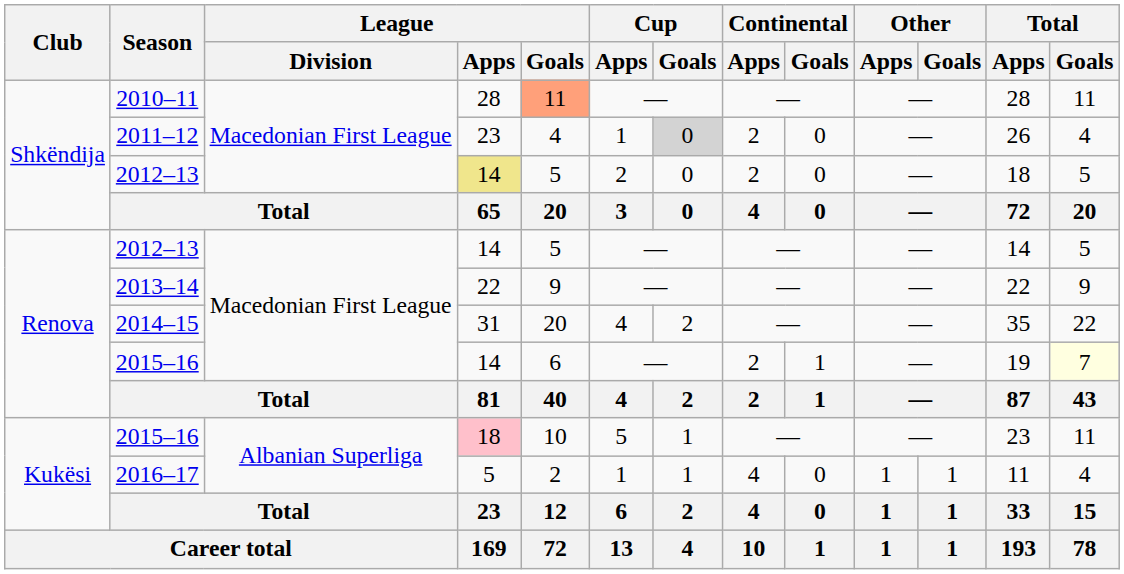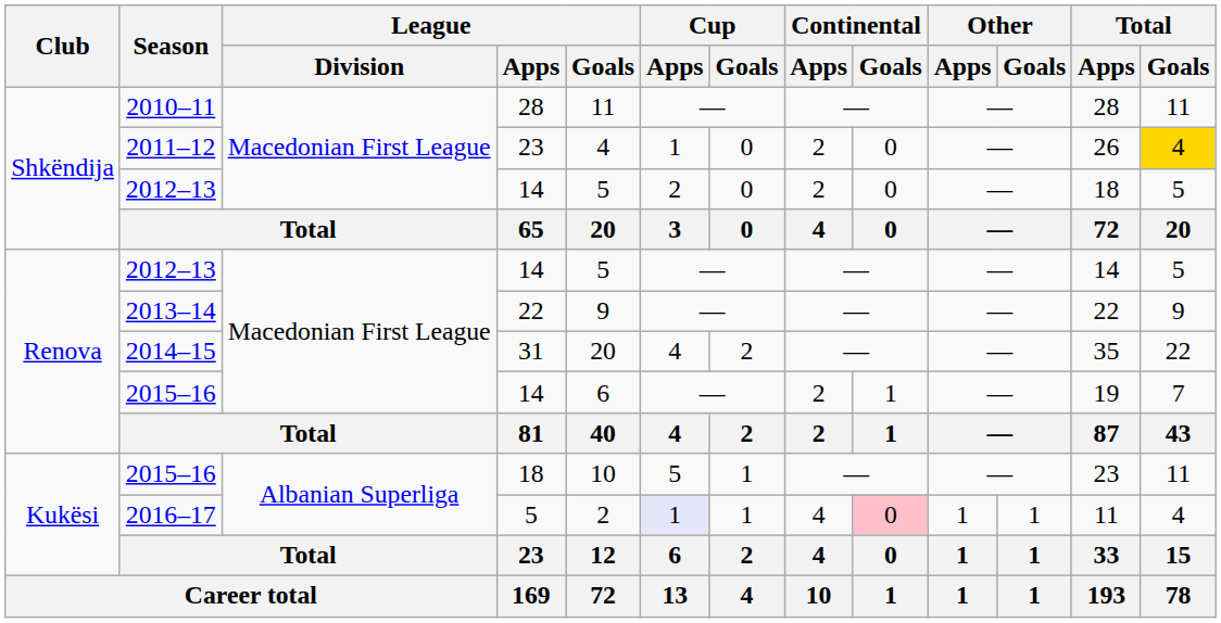 <table class="wikitable" style="text-align:center">
 <tr>
 <th rowspan="2">Club</th>
 <th rowspan="2">Season</th>
 <th colspan="3">League</th>
 <th colspan="2">Cup</th>
 <th colspan="2">Continental</th>
 <th colspan="2">Other</th>
 <th colspan="2">Total</th>
 </tr>
 <tr>
 <th>Division</th>
 <th>Apps</th>
 <th>Goals</th>
 <th>Apps</th>
 <th>Goals</th>
 <th>Apps</th>
 <th>Goals</th>
 <th>Apps</th>
 <th>Goals</th>
 <th>Apps</th>
 <th>Goals</th>
 </tr>
 <tr>
 <td rowspan="4"><a href='#'>Shkëndija</a></td>
 <td><a href='#'>2010–11</a></td>
 <td rowspan="3"><a href='#'>Macedonian First League</a></td>
 <td>28</td>
-<td style="background: lightsalmon;">11</td>
+<td>11</td>
 <td colspan="2">—</td>
 <td colspan="2">—</td>
 <td colspan="2">—</td>
 <td>28</td>
 <td>11</td>
 </tr>
 <tr>
 <td><a href='#'>2011–12</a></td>
 <td>23</td>
 <td>4</td>
 <td>1</td>
-<td style="background: lightgrey;">0</td>
+<td>0</td>
 <td>2</td>
 <td>0</td>
 <td colspan="2">—</td>
 <td>26</td>
-<td>4</td>
+<td style="background: gold;">4</td>
 </tr>
 <tr>
 <td><a href='#'>2012–13</a></td>
-<td style="background: khaki;">14</td>
+<td>14</td>
 <td>5</td>
 <td>2</td>
 <td>0</td>
 <td>2</td>
 <td>0</td>
 <td colspan="2">—</td>
 <td>18</td>
 <td>5</td>
 </tr>
 <tr>
 <th colspan="2">Total</th>
 <th>65</th>
 <th>20</th>
 <th>3</th>
 <th>0</th>
 <th>4</th>
 <th>0</th>
 <th colspan="2">—</th>
 <th>72</th>
 <th>20</th>
 </tr>
 <tr>
 <td rowspan="5"><a href='#'>Renova</a></td>
 <td><a href='#'>2012–13</a></td>
 <td rowspan="4">Macedonian First League</td>
 <td>14</td>
 <td>5</td>
 <td colspan="2">—</td>
 <td colspan="2">—</td>
 <td colspan="2">—</td>
 <td>14</td>
 <td>5</td>
 </tr>
 <tr>
 <td><a href='#'>2013–14</a></td>
 <td>22</td>
 <td>9</td>
 <td colspan="2">—</td>
 <td colspan="2">—</td>
 <td colspan="2">—</td>
 <td>22</td>
 <td>9</td>
 </tr>
 <tr>
 <td><a href='#'>2014–15</a></td>
 <td>31</td>
 <td>20</td>
 <td>4</td>
 <td>2</td>
 <td colspan="2">—</td>
 <td colspan="2">—</td>
 <td>35</td>
 <td>22</td>
 </tr>
 <tr>
 <td><a href='#'>2015–16</a></td>
 <td>14</td>
 <td>6</td>
 <td colspan="2">—</td>
 <td>2</td>
 <td>1</td>
 <td colspan="2">—</td>
 <td>19</td>
-<td style="background: lightyellow;">7</td>
+<td>7</td>
 </tr>
 <tr>
 <th colspan="2">Total</th>
 <th>81</th>
 <th>40</th>
 <th>4</th>
 <th>2</th>
 <th>2</th>
 <th>1</th>
 <th colspan="2">—</th>
 <th>87</th>
 <th>43</th>
 </tr>
 <tr>
 <td rowspan="3"><a href='#'>Kukësi</a></td>
 <td><a href='#'>2015–16</a></td>
 <td rowspan="2"><a href='#'>Albanian Superliga</a></td>
-<td style="background: pink;">18</td>
+<td>18</td>
 <td>10</td>
 <td>5</td>
 <td>1</td>
 <td colspan="2">—</td>
 <td colspan="2">—</td>
 <td>23</td>
 <td>11</td>
 </tr>
 <tr>
 <td><a href='#'>2016–17</a></td>
 <td>5</td>
 <td>2</td>
-<td>1</td>
+<td style="background: lavender;">1</td>
 <td>1</td>
 <td>4</td>
-<td>0</td>
+<td style="background: pink;">0</td>
 <td>1</td>
 <td>1</td>
 <td>11</td>
 <td>4</td>
 </tr>
 <tr>
 <th colspan="2">Total</th>
 <th>23</th>
 <th>12</th>
 <th>6</th>
 <th>2</th>
 <th>4</th>
 <th>0</th>
 <th>1</th>
 <th>1</th>
 <th>33</th>
 <th>15</th>
 </tr>
 <tr>
 <th colspan="3">Career total</th>
 <th>169</th>
 <th>72</th>
 <th>13</th>
 <th>4</th>
 <th>10</th>
 <th>1</th>
 <th>1</th>
 <th>1</th>
 <th>193</th>
 <th>78</th>
 </tr>
 </table>
